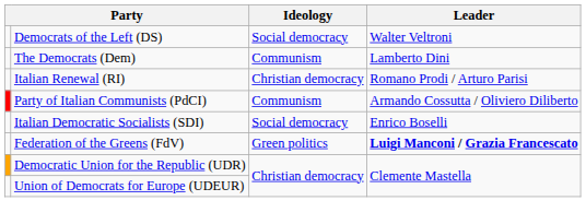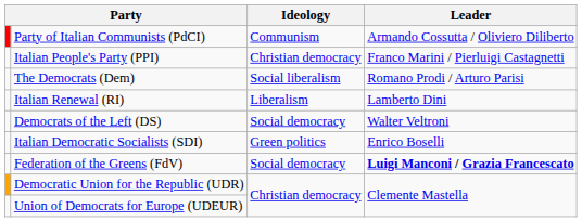 <table class=wikitable style=text-align:left>
 <tr>
 <th colspan=2>Party</th>
 <th>Ideology</th>
 <th>Leader</th>
+</tr>
+<tr>
+<td bgcolor="red"></td>
+<td><a href='#'>Party of Italian Communists</a> (PdCI)</td>
+<td><a href='#'>Communism</a></td>
+<td><a href='#'>Armando Cossutta</a> / <a href='#'>Oliviero Diliberto</a></td>
+</tr>
+<tr>
+<td></td>
+<td><a href='#'>Italian People's Party</a> (PPI)</td>
+<td><a href='#'>Christian democracy</a></td>
+<td><a href='#'>Franco Marini</a> / <a href='#'>Pierluigi Castagnetti</a></td>
+</tr>
+<tr>
+<td></td>
+<td><a href='#'>The Democrats</a> (Dem)</td>
+<td><a href='#'>Social liberalism</a></td>
+<td><a href='#'>Romano Prodi</a> / <a href='#'>Arturo Parisi</a></td>
+</tr>
+<tr>
+<td></td>
+<td><a href='#'>Italian Renewal</a> (RI)</td>
+<td><a href='#'>Liberalism</a></td>
+<td><a href='#'>Lamberto Dini</a></td>
 </tr>
 <tr>
 <td></td>
 <td><a href='#'>Democrats of the Left</a> (DS)</td>
 <td><a href='#'>Social democracy</a></td>
 <td><a href='#'>Walter Veltroni</a></td>
 </tr>
 <tr>
 <td></td>
-<td><a href='#'>The Democrats</a> (Dem)</td>
-<td><a href='#'>Communism</a></td>
-<td><a href='#'>Lamberto Dini</a></td>
-</tr>
-<tr>
-<td></td>
-<td><a href='#'>Italian Renewal</a> (RI)</td>
-<td><a href='#'>Christian democracy</a></td>
-<td><a href='#'>Romano Prodi</a> / <a href='#'>Arturo Parisi</a></td>
-</tr>
-<tr>
-<td bgcolor="red"></td>
-<td><a href='#'>Party of Italian Communists</a> (PdCI)</td>
-<td><a href='#'>Communism</a></td>
-<td><a href='#'>Armando Cossutta</a> / <a href='#'>Oliviero Diliberto</a></td>
-</tr>
-<tr>
-<td></td>
 <td><a href='#'>Italian Democratic Socialists</a> (SDI)</td>
-<td><a href='#'>Social democracy</a></td>
+<td><a href='#'>Green politics</a></td>
 <td><a href='#'>Enrico Boselli</a></td>
 </tr>
 <tr>
 <td></td>
 <td><a href='#'>Federation of the Greens</a> (FdV)</td>
-<td><a href='#'>Green politics</a></td>
+<td><a href='#'>Social democracy</a></td>
 <td><strong><a href='#'>Luigi Manconi</a> / <a href='#'>Grazia Francescato</a></strong></td>
 </tr>
 <tr>
 <td bgcolor="orange"></td>
 <td><a href='#'>Democratic Union for the Republic</a> (UDR)</td>
 <td rowspan=2><a href='#'>Christian democracy</a></td>
 <td rowspan=2><a href='#'>Clemente Mastella</a></td>
 </tr>
 <tr>
 <td></td>
 <td><a href='#'>Union of Democrats for Europe</a> (UDEUR)</td>
 </tr>
 </table>
